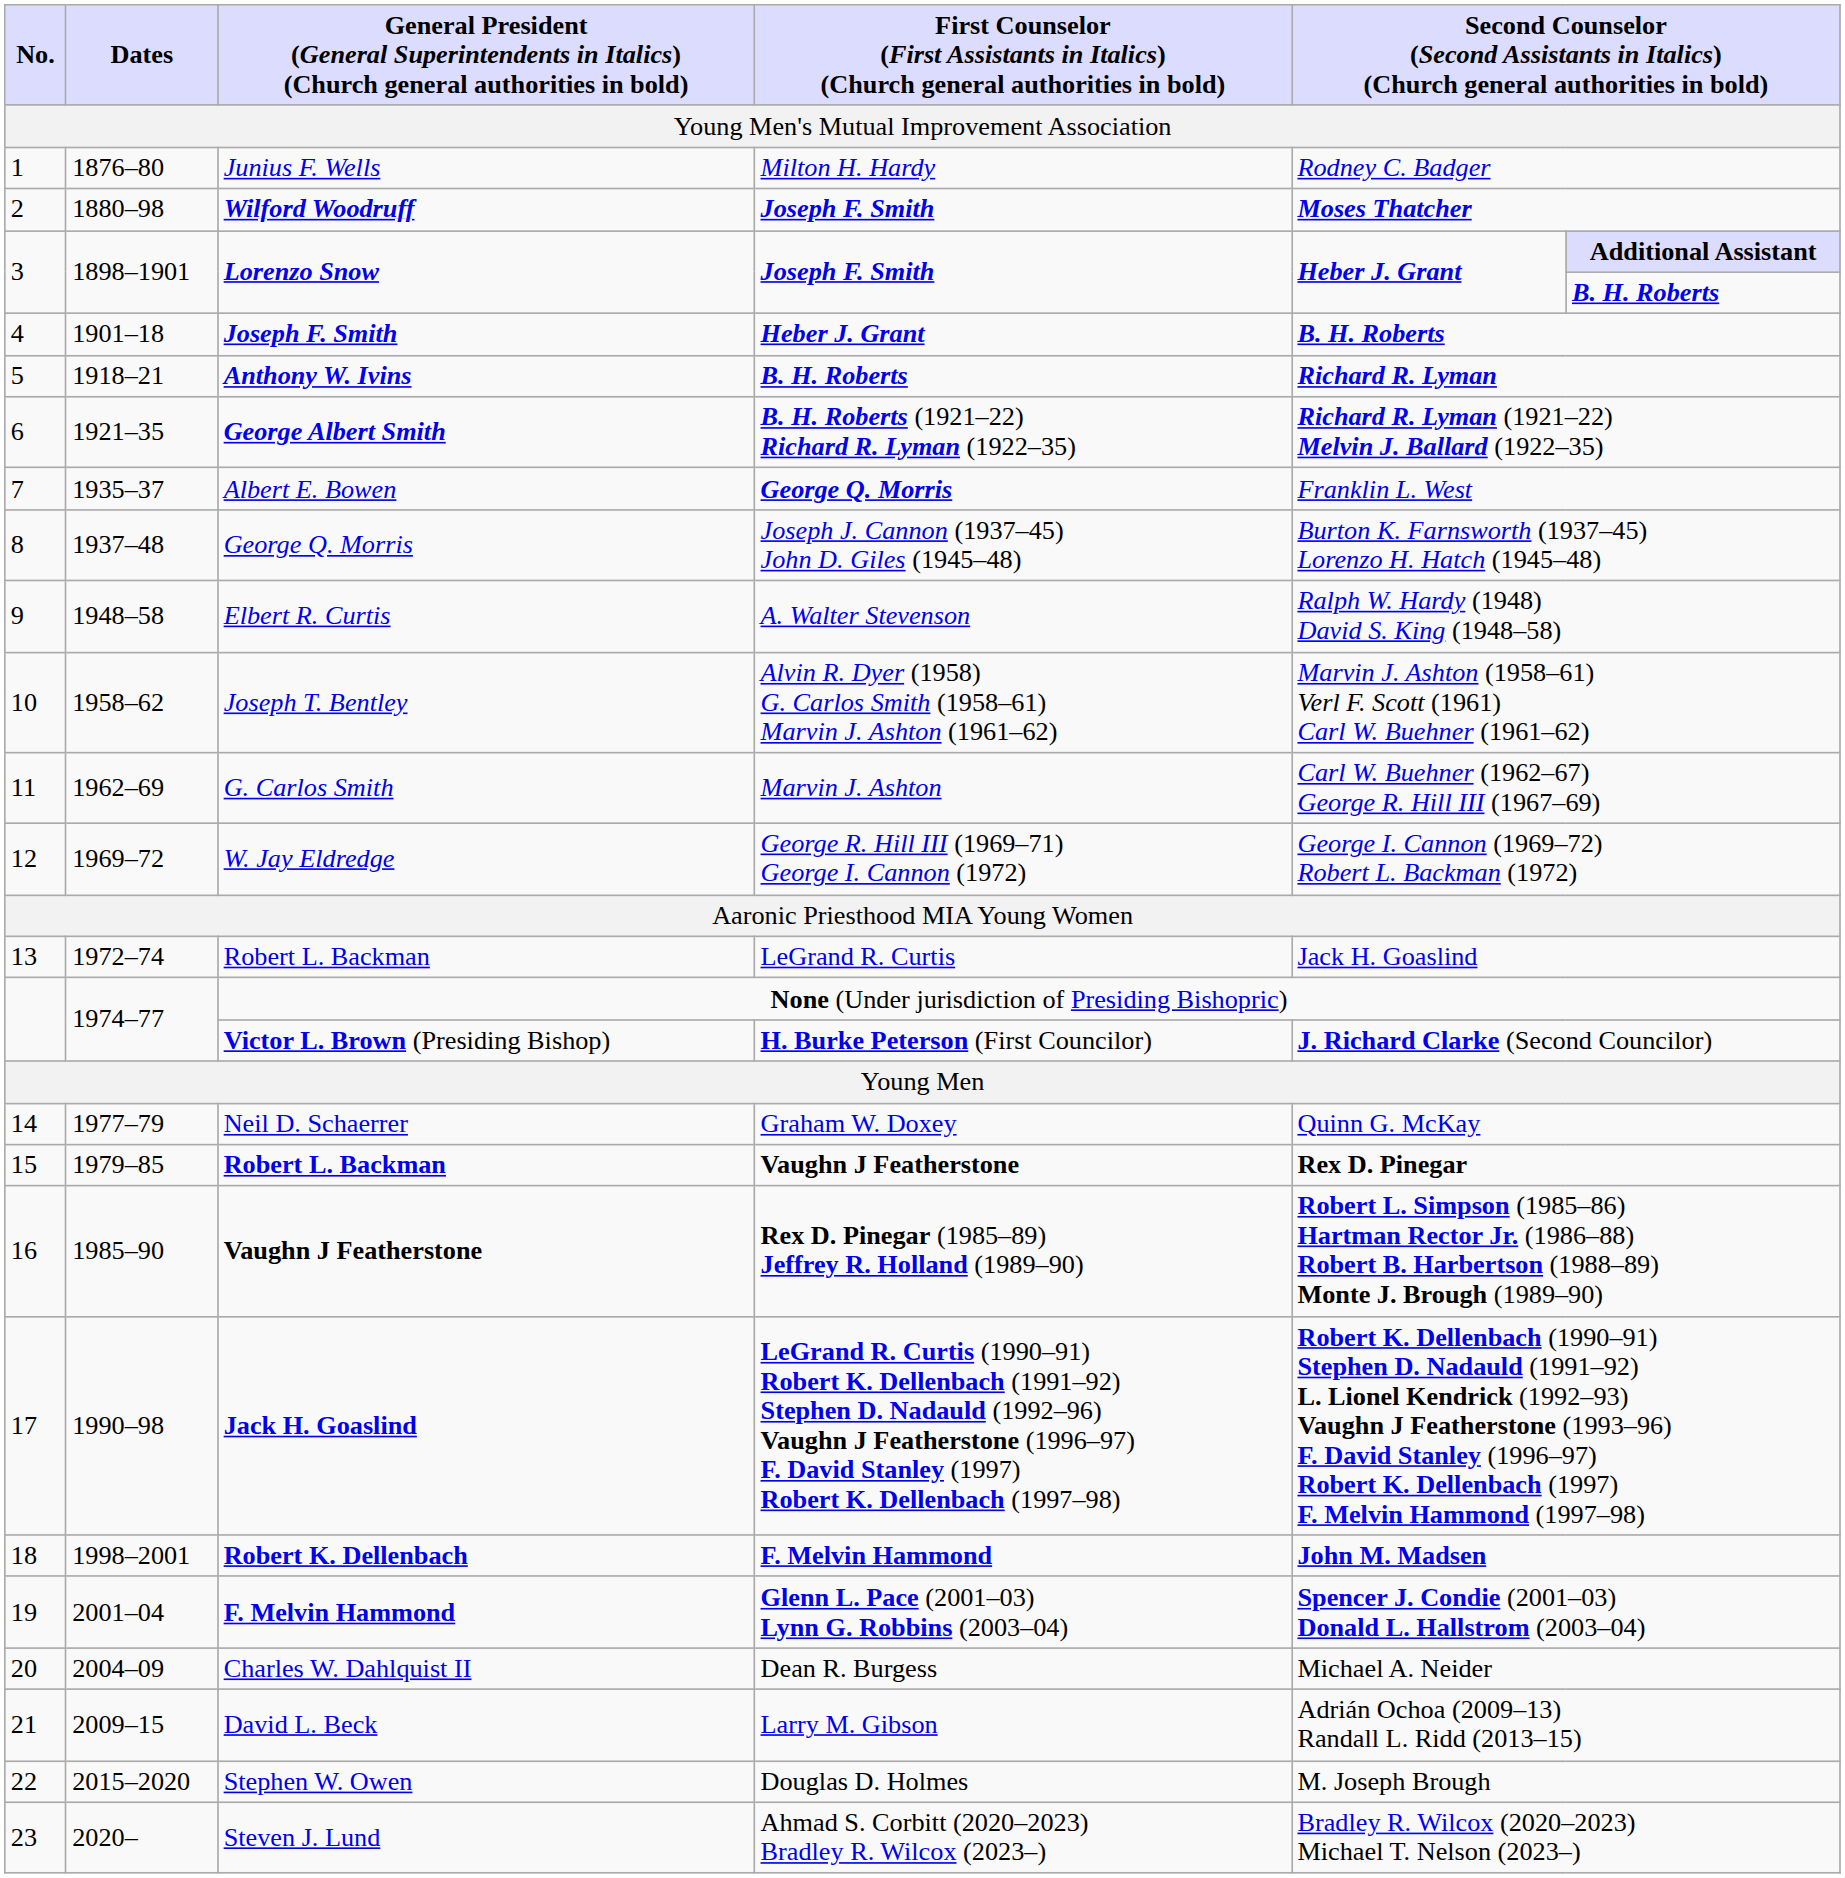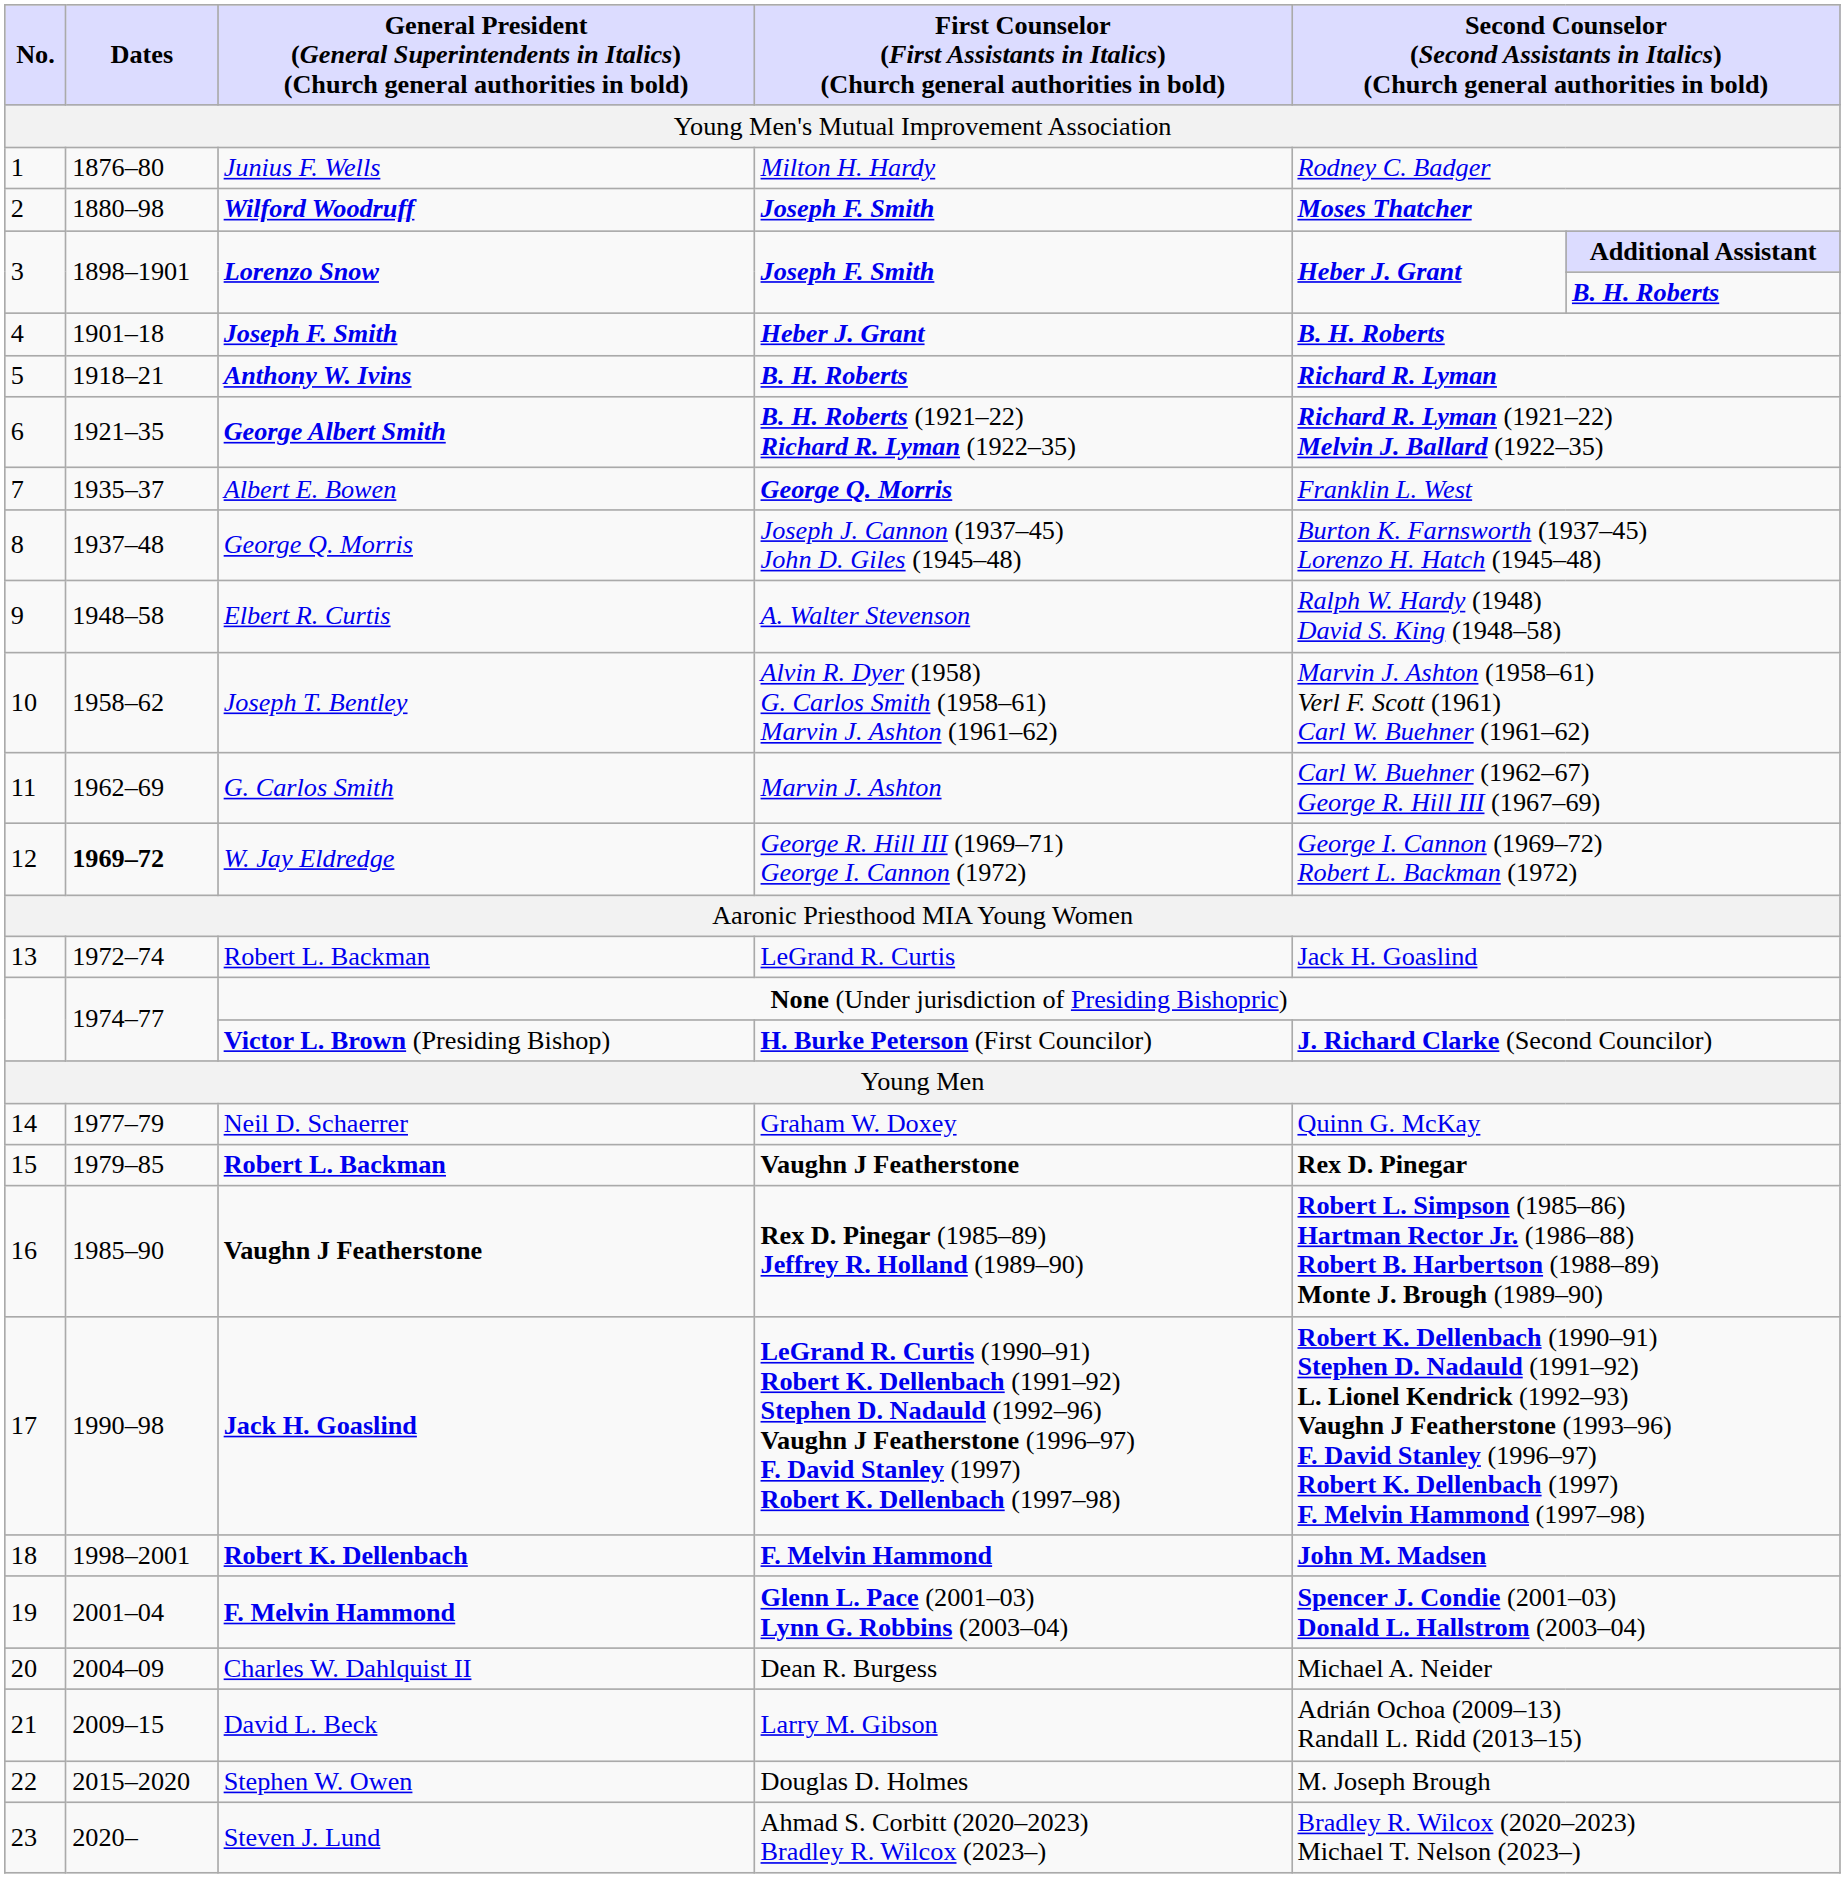 <table class=wikitable>
 <tr>
 <th style="background:#DCDCFF;" width="30px">No.</th>
 <th style="background:#DCDCFF;" width="85px">Dates</th>
 <th style="background:#DCDCFF;" width="320px">General President<br>(<em>General Superintendents in Italics</em>)<br>(<strong>Church general authorities in bold</strong>)</th>
 <th style="background:#DCDCFF;" width="320px">First Counselor<br>(<em>First Assistants in Italics</em>)<br>(<strong>Church general authorities in bold</strong>)</th>
 <th style="background:#DCDCFF;" colspan="2" width="320px">Second Counselor<br>(<em>Second Assistants in Italics</em>)<br>(<strong>Church general authorities in bold</strong>)</th>
 </tr>
 <tr>
 <td style="background:#f2f2f2; text-align:center;" colspan="6">Young Men's Mutual Improvement Association</td>
 </tr>
 <tr>
 <td>1</td>
 <td>1876–80</td>
 <td><em><a href='#'>Junius F. Wells</a></em></td>
 <td><em><a href='#'>Milton H. Hardy</a></em></td>
 <td colspan="2"><em><a href='#'>Rodney C. Badger</a></em></td>
 </tr>
 <tr>
 <td>2</td>
 <td>1880–98</td>
 <td><strong><em><a href='#'>Wilford Woodruff</a></em></strong></td>
 <td><strong><em><a href='#'>Joseph F. Smith</a></em></strong></td>
 <td colspan="2"><strong><em><a href='#'>Moses Thatcher</a></em></strong></td>
 </tr>
 <tr>
 <td rowspan =2>3</td>
 <td rowspan =2>1898–1901</td>
 <td rowspan =2><strong><em><a href='#'>Lorenzo Snow</a></em></strong></td>
 <td rowspan =2><strong><em><a href='#'>Joseph F. Smith</a></em></strong></td>
 <td rowspan =2 width="160px"><strong><em><a href='#'>Heber J. Grant</a></em></strong></td>
 <td style="background:#DCDCFF; text-align:center;"><strong>Additional Assistant</strong></td>
 </tr>
 <tr>
 <td width="160px"><strong><em><a href='#'>B. H. Roberts</a></em></strong></td>
 </tr>
 <tr>
 <td>4</td>
 <td>1901–18</td>
 <td><strong><em><a href='#'>Joseph F. Smith</a></em></strong></td>
 <td><strong><em><a href='#'>Heber J. Grant</a></em></strong></td>
 <td colspan="2"><strong><em><a href='#'>B. H. Roberts</a></em></strong></td>
 </tr>
 <tr>
 <td>5</td>
 <td>1918–21</td>
 <td><strong><em><a href='#'>Anthony W. Ivins</a></em></strong></td>
 <td><strong><em><a href='#'>B. H. Roberts</a></em></strong></td>
 <td colspan="2"><strong><em><a href='#'>Richard R. Lyman</a></em></strong></td>
 </tr>
 <tr>
 <td>6</td>
 <td>1921–35</td>
 <td><strong><em><a href='#'>George Albert Smith</a></em></strong></td>
 <td><strong><em><a href='#'>B. H. Roberts</a></em></strong> (1921–22)<br><strong><em><a href='#'>Richard R. Lyman</a></em></strong> (1922–35)</td>
 <td colspan="2"><strong><em><a href='#'>Richard R. Lyman</a></em></strong> (1921–22)<br><strong><em><a href='#'>Melvin J. Ballard</a></em></strong> (1922–35)</td>
 </tr>
 <tr>
 <td>7</td>
 <td>1935–37</td>
 <td><em><a href='#'>Albert E. Bowen</a></em></td>
 <td><strong><em><a href='#'>George Q. Morris</a></em></strong></td>
 <td colspan="2"><em><a href='#'>Franklin L. West</a></em></td>
 </tr>
 <tr>
 <td>8</td>
 <td>1937–48</td>
 <td><em><a href='#'>George Q. Morris</a></em></td>
 <td><em><a href='#'>Joseph J. Cannon</a></em> (1937–45)<br><em><a href='#'>John D. Giles</a></em> (1945–48)</td>
 <td colspan="2"><em><a href='#'>Burton K. Farnsworth</a></em> (1937–45)<br><em><a href='#'>Lorenzo H. Hatch</a></em> (1945–48)</td>
 </tr>
 <tr>
 <td>9</td>
 <td>1948–58</td>
 <td><em><a href='#'>Elbert R. Curtis</a></em></td>
 <td><em><a href='#'>A. Walter Stevenson</a></em></td>
 <td colspan="2"><em><a href='#'>Ralph W. Hardy</a></em> (1948)<br><em><a href='#'>David S. King</a></em> (1948–58)</td>
 </tr>
 <tr>
 <td>10</td>
 <td>1958–62</td>
 <td><em><a href='#'>Joseph T. Bentley</a></em></td>
 <td><em><a href='#'>Alvin R. Dyer</a></em> (1958)<br><em><a href='#'>G. Carlos Smith</a></em> (1958–61)<br><em><a href='#'>Marvin J. Ashton</a></em> (1961–62)</td>
 <td colspan="2"><em><a href='#'>Marvin J. Ashton</a></em> (1958–61)<br><em>Verl F. Scott</em> (1961)<br><em><a href='#'>Carl W. Buehner</a></em> (1961–62)</td>
 </tr>
 <tr>
 <td>11</td>
 <td>1962–69</td>
 <td><em><a href='#'>G. Carlos Smith</a></em></td>
 <td><em><a href='#'>Marvin J. Ashton</a></em></td>
 <td colspan="2"><em><a href='#'>Carl W. Buehner</a></em> (1962–67)<br><em><a href='#'>George R. Hill III</a></em> (1967–69)</td>
 </tr>
 <tr>
 <td>12</td>
-<td>1969–72</td>
+<td><strong>1969–72</strong></td>
 <td><em><a href='#'>W. Jay Eldredge</a></em></td>
 <td><em><a href='#'>George R. Hill III</a></em> (1969–71)<br><em><a href='#'>George I. Cannon</a></em> (1972)</td>
 <td colspan="2"><em><a href='#'>George I. Cannon</a></em> (1969–72)<br><em><a href='#'>Robert L. Backman</a></em> (1972)</td>
 </tr>
 <tr>
 <td style="background:#f2f2f2; text-align:center;" colspan="6">Aaronic Priesthood MIA Young Women</td>
 </tr>
 <tr>
 <td>13</td>
 <td>1972–74</td>
 <td><a href='#'>Robert L. Backman</a></td>
 <td><a href='#'>LeGrand R. Curtis</a></td>
 <td colspan="2"><a href='#'>Jack H. Goaslind</a></td>
 </tr>
 <tr>
 <td rowspan=2></td>
 <td rowspan=2>1974–77</td>
 <td colspan = 4 style="text-align:center;"><strong>None</strong> (Under jurisdiction of <a href='#'>Presiding Bishopric</a>)</td>
 </tr>
 <tr>
 <td><strong><a href='#'>Victor L. Brown</a></strong> (Presiding Bishop)</td>
 <td><strong><a href='#'>H. Burke Peterson</a></strong> (First Councilor)</td>
 <td colspan="2"><strong><a href='#'>J. Richard Clarke</a></strong> (Second Councilor)</td>
 </tr>
 <tr>
 <td style="background:#f2f2f2; text-align:center;" colspan="6">Young Men</td>
 </tr>
 <tr>
 <td>14</td>
 <td>1977–79</td>
 <td><a href='#'>Neil D. Schaerrer</a></td>
 <td><a href='#'>Graham W. Doxey</a></td>
 <td colspan="2"><a href='#'>Quinn G. McKay</a></td>
 </tr>
 <tr>
 <td>15</td>
 <td>1979–85</td>
 <td><strong><a href='#'>Robert L. Backman</a></strong></td>
 <td><strong>Vaughn J Featherstone</strong></td>
 <td colspan="2"><strong>Rex D. Pinegar</strong></td>
 </tr>
 <tr>
 <td>16</td>
 <td>1985–90</td>
 <td><strong>Vaughn J Featherstone</strong></td>
 <td><strong>Rex D. Pinegar</strong> (1985–89)<br><strong><a href='#'>Jeffrey R. Holland</a></strong> (1989–90)</td>
 <td colspan="2"><strong><a href='#'>Robert L. Simpson</a></strong> (1985–86)<br><strong><a href='#'>Hartman Rector Jr.</a></strong> (1986–88)<br><strong><a href='#'>Robert B. Harbertson</a></strong> (1988–89)<br><strong>Monte J. Brough</strong> (1989–90)</td>
 </tr>
 <tr>
 <td>17</td>
 <td>1990–98</td>
 <td><strong><a href='#'>Jack H. Goaslind</a></strong></td>
 <td><strong><a href='#'>LeGrand R. Curtis</a></strong> (1990–91)<br><strong><a href='#'>Robert K. Dellenbach</a></strong> (1991–92)<br><strong><a href='#'>Stephen D. Nadauld</a></strong> (1992–96)<br><strong>Vaughn J Featherstone</strong> (1996–97)<br><strong><a href='#'>F. David Stanley</a></strong> (1997)<br><strong><a href='#'>Robert K. Dellenbach</a></strong> (1997–98)</td>
 <td colspan="2"><strong><a href='#'>Robert K. Dellenbach</a></strong> (1990–91)<br><strong><a href='#'>Stephen D. Nadauld</a></strong> (1991–92)<br><strong>L. Lionel Kendrick</strong> (1992–93)<br><strong>Vaughn J Featherstone</strong> (1993–96)<br><strong><a href='#'>F. David Stanley</a></strong> (1996–97)<br><strong><a href='#'>Robert K. Dellenbach</a></strong> (1997)<br><strong><a href='#'>F. Melvin Hammond</a></strong> (1997–98)</td>
 </tr>
 <tr>
 <td>18</td>
 <td>1998–2001</td>
 <td><strong><a href='#'>Robert K. Dellenbach</a></strong></td>
 <td><strong><a href='#'>F. Melvin Hammond</a></strong></td>
 <td colspan="2"><strong><a href='#'>John M. Madsen</a></strong></td>
 </tr>
 <tr>
 <td>19</td>
 <td>2001–04</td>
 <td><strong><a href='#'>F. Melvin Hammond</a></strong></td>
 <td><strong><a href='#'>Glenn L. Pace</a></strong> (2001–03)<br><strong><a href='#'>Lynn G. Robbins</a></strong> (2003–04)</td>
 <td colspan="2"><strong><a href='#'>Spencer J. Condie</a></strong> (2001–03)<br><strong><a href='#'>Donald L. Hallstrom</a></strong> (2003–04)</td>
 </tr>
 <tr>
 <td>20</td>
 <td>2004–09</td>
 <td><a href='#'>Charles W. Dahlquist II</a></td>
 <td>Dean R. Burgess</td>
 <td colspan="2">Michael A. Neider</td>
 </tr>
 <tr>
 <td>21</td>
 <td>2009–15</td>
 <td><a href='#'>David L. Beck</a></td>
 <td><a href='#'>Larry M. Gibson</a></td>
 <td colspan="2">Adrián Ochoa (2009–13)<br>Randall L. Ridd (2013–15)</td>
 </tr>
 <tr>
 <td>22</td>
 <td>2015–2020</td>
 <td><a href='#'>Stephen W. Owen</a></td>
 <td>Douglas D. Holmes</td>
 <td colspan="2">M. Joseph Brough</td>
 </tr>
 <tr>
 <td>23</td>
 <td>2020–</td>
 <td><a href='#'>Steven J. Lund</a></td>
 <td>Ahmad S. Corbitt (2020–2023)<br><a href='#'>Bradley R. Wilcox</a> (2023–)</td>
 <td colspan="2"><a href='#'>Bradley R. Wilcox</a> (2020–2023)<br>Michael T. Nelson (2023–)</td>
 </tr>
 </table>
